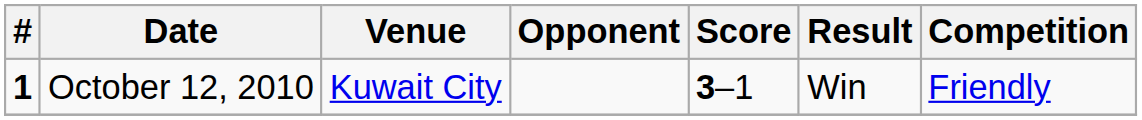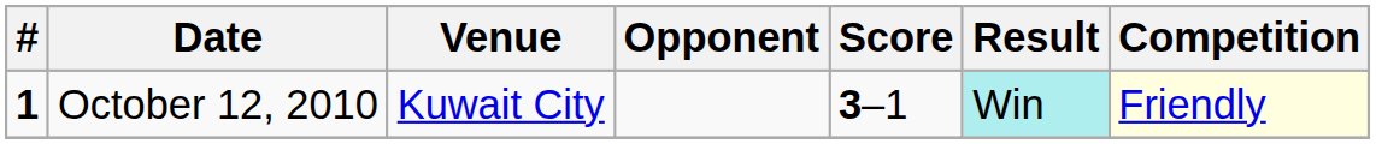 <table class="wikitable">
 <tr>
 <th>#</th>
 <th>Date</th>
 <th>Venue</th>
 <th>Opponent</th>
 <th>Score</th>
 <th>Result</th>
 <th>Competition</th>
 </tr>
 <tr>
 <td><strong>1</strong></td>
 <td>October 12, 2010</td>
 <td><a href='#'>Kuwait City</a></td>
 <td></td>
 <td><strong>3</strong>–1</td>
-<td>Win</td>
-<td><a href='#'>Friendly</a></td>
+<td style="background: paleturquoise;">Win</td>
+<td style="background: lightyellow;"><a href='#'>Friendly</a></td>
 </tr>
 <tr>
 </tr>
 </table>
